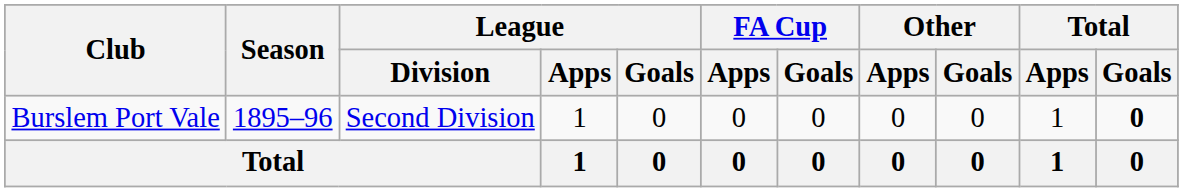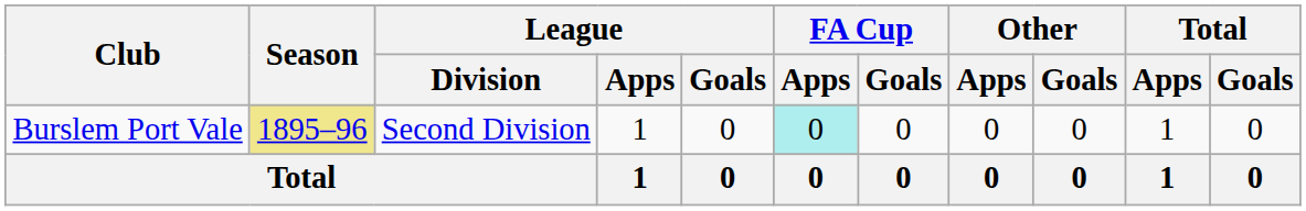 <table class="wikitable" style="text-align:center">
 <tr>
 <th rowspan="2">Club</th>
 <th rowspan="2">Season</th>
 <th colspan="3">League</th>
 <th colspan="2"><a href='#'>FA Cup</a></th>
 <th colspan="2">Other</th>
 <th colspan="2">Total</th>
 </tr>
 <tr>
 <th>Division</th>
 <th>Apps</th>
 <th>Goals</th>
 <th>Apps</th>
 <th>Goals</th>
 <th>Apps</th>
 <th>Goals</th>
 <th>Apps</th>
 <th>Goals</th>
 </tr>
 <tr>
 <td><a href='#'>Burslem Port Vale</a></td>
-<td><a href='#'>1895–96</a></td>
+<td style="background: khaki;"><a href='#'>1895–96</a></td>
 <td><a href='#'>Second Division</a></td>
 <td>1</td>
 <td>0</td>
-<td>0</td>
+<td style="background: paleturquoise;">0</td>
 <td>0</td>
 <td>0</td>
 <td>0</td>
 <td>1</td>
-<td><strong>0</strong></td>
+<td>0</td>
 </tr>
 <tr>
 <th colspan="3">Total</th>
 <th>1</th>
 <th>0</th>
 <th>0</th>
 <th>0</th>
 <th>0</th>
 <th>0</th>
 <th>1</th>
 <th>0</th>
 </tr>
 </table>
